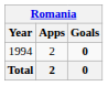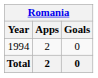 <table class="wikitable" style="text-align:center">
 <tr>
 <th colspan=3><a href='#'>Romania</a></th>
 </tr>
 <tr>
 <th>Year</th>
 <th>Apps</th>
 <th>Goals</th>
 </tr>
 <tr>
 <td>1994</td>
 <td>2</td>
-<td><strong>0</strong></td>
+<td>0</td>
 </tr>
 <tr>
 <th>Total</th>
 <th>2</th>
 <th>0</th>
 </tr>
 </table>
